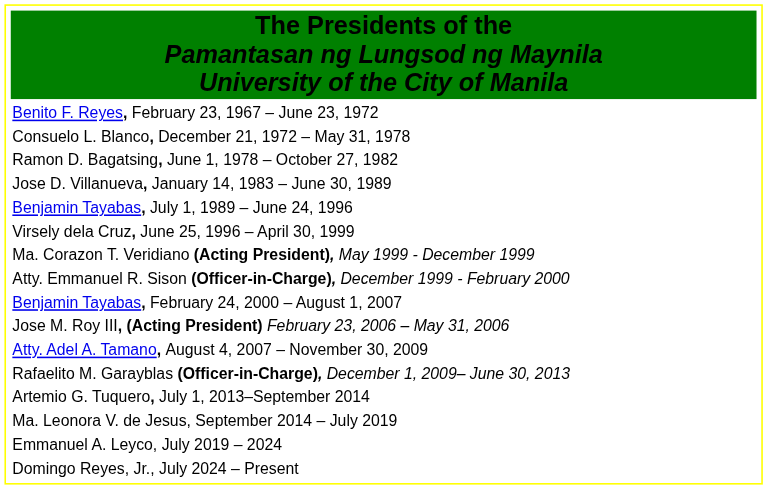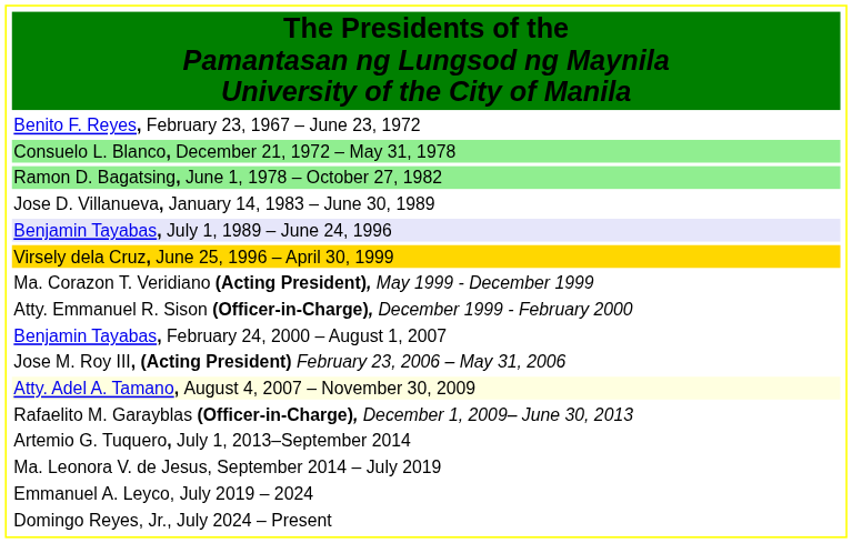 <table style="float:right; margin:1em; width:30em; border:1px solid #ff0; padding:1px; bg-color=yellow; text-align:left;">
 <tr style="background:green; text-align:center;">
 <td><span><strong>The Presidents of the <br><em>Pamantasan ng Lungsod ng Maynila<strong><em></span><br><span></strong>University of the City of Manila<strong></span></td>
 </tr>
 <tr style="text-align:left; font-size:x-small;">
 <td></strong><a href='#'>Benito F. Reyes</a><strong>, </strong>February 23, 1967 – June 23, 1972<strong></td>
 </tr>
 <tr style="text-align:left; font-size:x-small;">
-<td></strong>Consuelo L. Blanco<strong>, </strong>December 21, 1972 – May 31, 1978<strong></td>
+<td style="background: lightgreen;"></strong>Consuelo L. Blanco<strong>, </strong>December 21, 1972 – May 31, 1978<strong></td>
 </tr>
 <tr style="text-align:left; font-size:x-small;">
-<td></strong>Ramon D. Bagatsing<strong>, </strong>June 1, 1978 – October 27, 1982<strong></td>
+<td style="background: lightgreen;"></strong>Ramon D. Bagatsing<strong>, </strong>June 1, 1978 – October 27, 1982<strong></td>
 </tr>
 <tr style="text-align:left; font-size:x-small;">
 <td></strong>Jose D. Villanueva<strong>, </strong>January 14, 1983 – June 30, 1989<strong></td>
 </tr>
 <tr style="text-align:left; font-size:x-small;">
-<td></strong><a href='#'>Benjamin Tayabas</a><strong>, </strong>July 1, 1989 – June 24, 1996<strong></td>
+<td style="background: lavender;"></strong><a href='#'>Benjamin Tayabas</a><strong>, </strong>July 1, 1989 – June 24, 1996<strong></td>
 </tr>
 <tr style="text-align:left; font-size:x-small;">
-<td></strong>Virsely dela Cruz<strong>, </strong>June 25, 1996 – April 30, 1999<strong></td>
+<td style="background: gold;"></strong>Virsely dela Cruz<strong>, </strong>June 25, 1996 – April 30, 1999<strong></td>
 </tr>
 <tr style="text-align:left; font-size:x-small;">
 <td></strong>Ma. Corazon T. Veridiano<strong> </em>(Acting President)<em>, </strong>May 1999 - December 1999<strong></td>
 </tr>
 <tr style="text-align:left; font-size:x-small;">
 <td></strong>Atty. Emmanuel R. Sison<strong> </em>(Officer-in-Charge)<em>, </strong>December 1999 - February 2000<strong></td>
 </tr>
 <tr style="text-align:left; font-size:x-small;">
 <td></strong><a href='#'>Benjamin Tayabas</a><strong>, </strong>February 24, 2000 – August 1, 2007<strong></td>
 </tr>
 <tr style="text-align:left; font-size:x-small;">
 <td></strong>Jose M. Roy III<strong>, </em>(Acting President)<em> </strong>February 23, 2006 – May 31, 2006<strong></td>
 </tr>
 <tr style="text-align:left; font-size:x-small;">
-<td></strong><a href='#'>Atty. Adel A. Tamano</a><strong>, </strong>August 4, 2007 – November 30, 2009<strong></td>
+<td style="background: lightyellow;"></strong><a href='#'>Atty. Adel A. Tamano</a><strong>, </strong>August 4, 2007 – November 30, 2009<strong></td>
 </tr>
 <tr style="text-align:left; font-size:x-small;">
 <td></strong>Rafaelito M. Garayblas<strong> </em>(Officer-in-Charge)<em>, </strong>December 1, 2009– June 30, 2013<strong></td>
 </tr>
 <tr style="text-align:left; font-size:x-small;">
 <td></strong>Artemio G. Tuquero<strong>, </strong>July 1, 2013–September 2014<strong></td>
 </tr>
 <tr style="text-align:left; font-size:x-small;">
 <td></strong>Ma. Leonora V. de Jesus, September 2014 – July 2019<strong></td>
 </tr>
 <tr style="text-align:left; font-size:x-small;">
 <td></strong>Emmanuel A. Leyco, July 2019 – 2024<strong></td>
 </tr>
 <tr style="text-align:left; font-size:x-small;">
 <td></strong>Domingo Reyes, Jr., July 2024 – Present<strong></td>
 </tr>
 </table>
